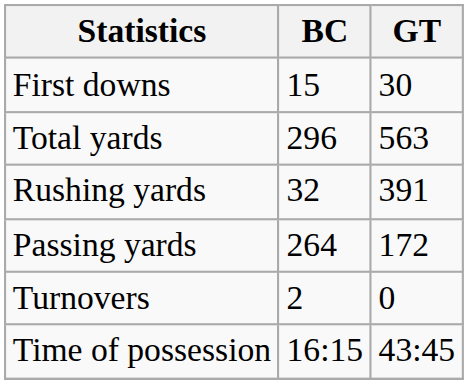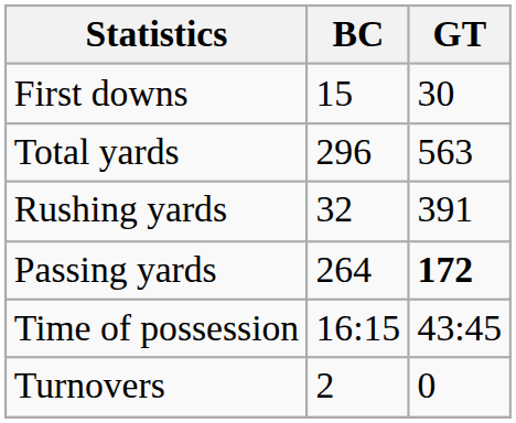 <table class="wikitable">
 <tr>
 <th>Statistics</th>
 <th>BC</th>
 <th>GT</th>
 </tr>
 <tr>
 <td>First downs</td>
 <td>15</td>
 <td>30</td>
 </tr>
 <tr>
 <td>Total yards</td>
 <td>296</td>
 <td>563</td>
 </tr>
 <tr>
 <td>Rushing yards</td>
 <td>32</td>
 <td>391</td>
 </tr>
 <tr>
 <td>Passing yards</td>
 <td>264</td>
-<td>172</td>
+<td><strong>172</strong></td>
+</tr>
+<tr>
+<td>Time of possession</td>
+<td>16:15</td>
+<td>43:45</td>
 </tr>
 <tr>
 <td>Turnovers</td>
 <td>2</td>
 <td>0</td>
 </tr>
 <tr>
-<td>Time of possession</td>
-<td>16:15</td>
-<td>43:45</td>
-</tr>
-<tr>
 </tr>
 </table>
